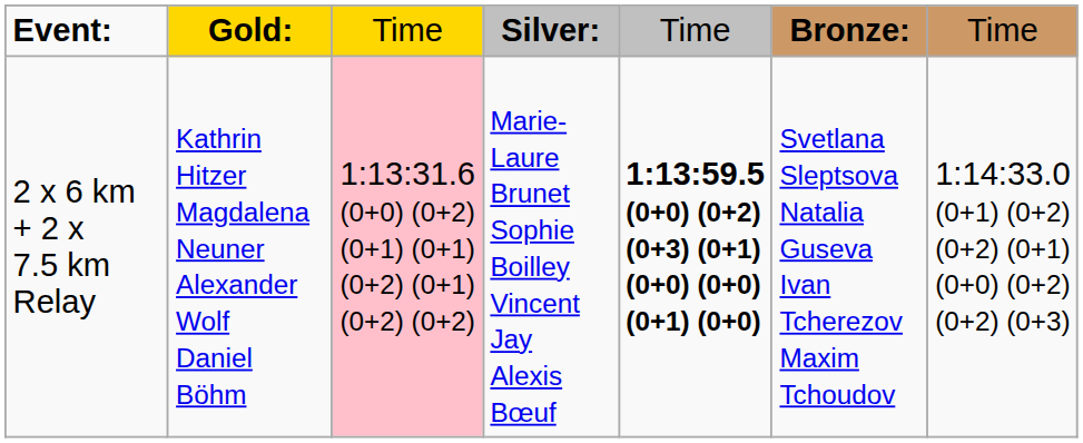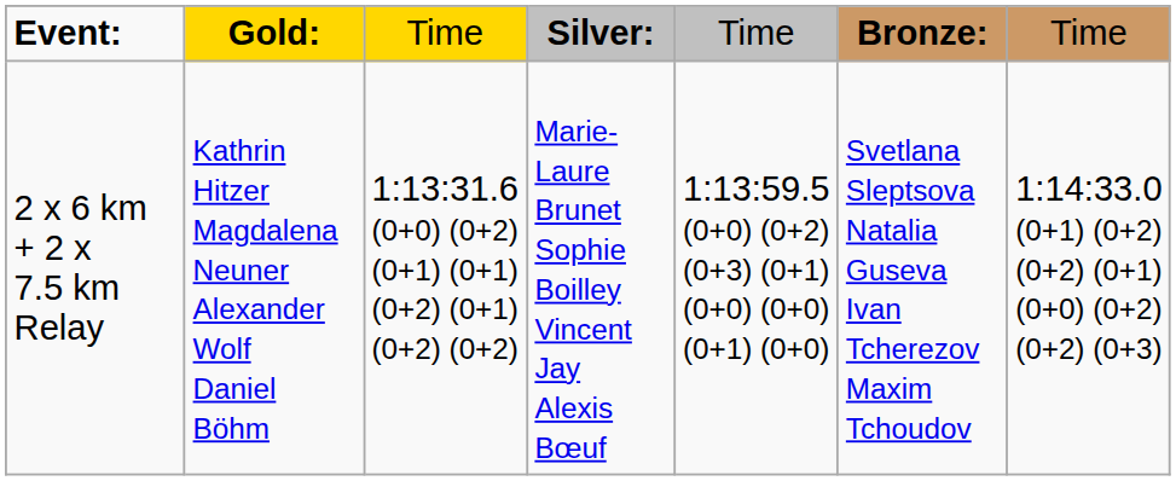 <table class="wikitable" border="1" style="width:85%;">
 <tr>
 <td><strong>Event:</strong></td>
 <td style="text-align:center;background-color:gold;"><strong>Gold:</strong></td>
 <td style="text-align:center;background-color:gold;">Time</td>
 <td style="text-align:center;background-color:silver;"><strong>Silver:</strong></td>
 <td style="text-align:center;background-color:silver;">Time</td>
 <td style="text-align:center;background-color:#CC9966;"><strong>Bronze:</strong></td>
 <td style="text-align:center;background-color:#CC9966;">Time</td>
 </tr>
 <tr>
 <td>2 x 6 km + 2 x 7.5 km Relay<br></td>
 <td><strong></strong>  <br><small><a href='#'>Kathrin Hitzer</a><br><a href='#'>Magdalena Neuner</a><br><a href='#'>Alexander Wolf</a><br><a href='#'>Daniel Böhm</a></small></td>
-<td style="background: pink;">1:13:31.6<br><small>(0+0) (0+2)<br>(0+1) (0+1)<br>(0+2) (0+1)<br>(0+2) (0+2)</small></td>
+<td>1:13:31.6<br><small>(0+0) (0+2)<br>(0+1) (0+1)<br>(0+2) (0+1)<br>(0+2) (0+2)</small></td>
 <td>  <br><small><a href='#'>Marie-Laure Brunet</a><br><a href='#'>Sophie Boilley</a><br><a href='#'>Vincent Jay</a><br><a href='#'>Alexis Bœuf</a></small></td>
-<td><strong>1:13:59.5<br><small>(0+0) (0+2)<br>(0+3) (0+1)<br>(0+0) (0+0)<br>(0+1) (0+0)</small></strong></td>
+<td>1:13:59.5<br><small>(0+0) (0+2)<br>(0+3) (0+1)<br>(0+0) (0+0)<br>(0+1) (0+0)</small></td>
 <td>  <br><small><a href='#'>Svetlana Sleptsova</a><br><a href='#'>Natalia Guseva</a><br><a href='#'>Ivan Tcherezov</a><br><a href='#'>Maxim Tchoudov</a></small></td>
 <td>1:14:33.0<br><small>(0+1) (0+2)<br>(0+2) (0+1)<br>(0+0) (0+2)<br>(0+2) (0+3)</small></td>
 </tr>
 </table>
